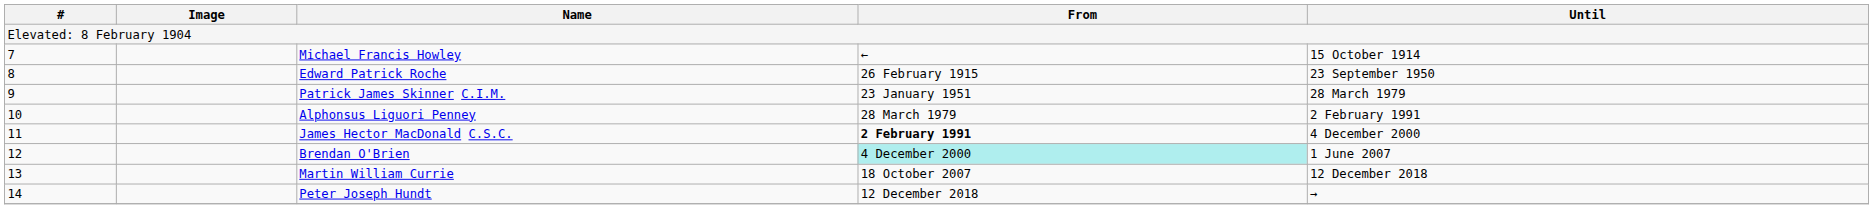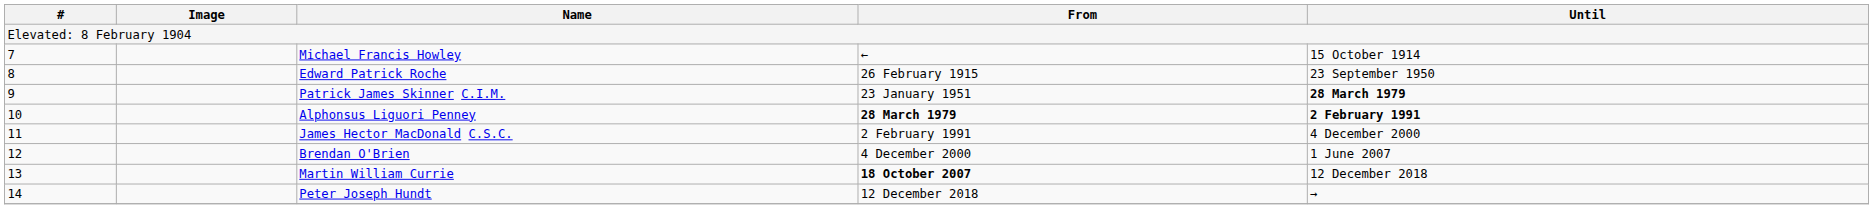 <table class="wikitable" style="width:100%">
 <tr>
 <th width="5%">#</th>
 <th width="8%">Image</th>
 <th width="25%">Name</th>
 <th width="20%">From</th>
 <th width="25%">Until</th>
 </tr>
 <tr bgcolor="#F5F5F5">
 <td colspan="5" align="left"><span>Elevated: 8 February 1904</span></td>
 </tr>
 <tr>
 <td>7</td>
 <td></td>
 <td><a href='#'>Michael Francis Howley</a></td>
 <td>←</td>
 <td>15 October 1914</td>
 </tr>
 <tr>
 <td>8</td>
 <td></td>
 <td><a href='#'>Edward Patrick Roche</a></td>
 <td>26 February 1915</td>
 <td>23 September 1950</td>
 </tr>
 <tr>
 <td>9</td>
 <td></td>
 <td><a href='#'>Patrick James Skinner</a> <a href='#'>C.I.M.</a></td>
 <td>23 January 1951</td>
-<td>28 March 1979</td>
+<td><strong>28 March 1979</strong></td>
 </tr>
 <tr>
 <td>10</td>
 <td></td>
 <td><a href='#'>Alphonsus Liguori Penney</a></td>
-<td>28 March 1979</td>
-<td>2 February 1991</td>
+<td><strong>28 March 1979</strong></td>
+<td><strong>2 February 1991</strong></td>
 </tr>
 <tr>
 <td>11</td>
 <td></td>
 <td><a href='#'>James Hector MacDonald</a> <a href='#'>C.S.C.</a></td>
-<td><strong>2 February 1991</strong></td>
+<td>2 February 1991</td>
 <td>4 December 2000</td>
 </tr>
 <tr>
 <td>12</td>
 <td></td>
 <td><a href='#'>Brendan O'Brien</a></td>
-<td style="background: paleturquoise;">4 December 2000</td>
+<td>4 December 2000</td>
 <td>1 June 2007</td>
 </tr>
 <tr>
 <td>13</td>
 <td></td>
 <td><a href='#'>Martin William Currie</a></td>
-<td>18 October 2007</td>
+<td><strong>18 October 2007</strong></td>
 <td>12 December 2018</td>
 </tr>
 <tr>
 <td>14</td>
 <td></td>
 <td><a href='#'>Peter Joseph Hundt</a></td>
 <td>12 December 2018</td>
 <td>→</td>
 </tr>
 <tr>
 </tr>
 </table>
